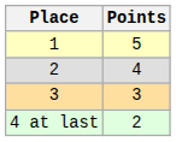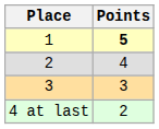 <table class="wikitable" style="font-size:85%; text-align:center">
 <tr>
 <th>Place</th>
 <th>Points</th>
 </tr>
 <tr style="background:#ffffbf;">
 <td>1</td>
-<td>5</td>
+<td><strong>5</strong></td>
 </tr>
 <tr style="background:#dfdfdf;">
 <td>2</td>
 <td>4</td>
 </tr>
 <tr style="background:#ffdf9f;">
 <td>3</td>
 <td>3</td>
 </tr>
 <tr style="background:#dfffdf;">
 <td>4 at last</td>
 <td>2</td>
 </tr>
 </table>
